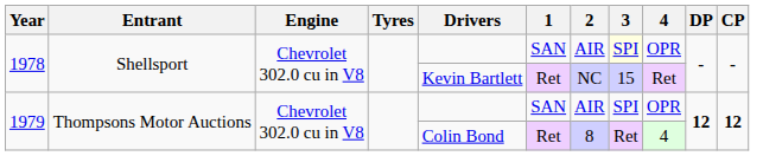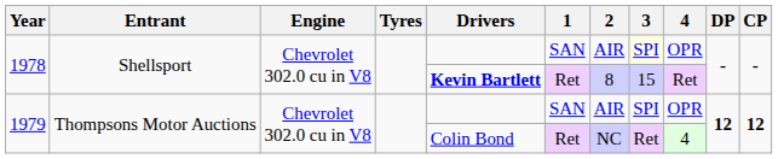 <table class="wikitable" style="text-align:center; font-size:95%">
 <tr>
 <th>Year</th>
 <th>Entrant</th>
 <th>Engine</th>
 <th>Tyres</th>
 <th>Drivers</th>
 <th>1</th>
 <th>2</th>
 <th>3</th>
 <th>4</th>
 <th>DP</th>
 <th>CP</th>
 </tr>
 <tr>
 <td rowspan="2"><a href='#'>1978</a></td>
 <td rowspan="2">Shellsport</td>
 <td rowspan="2"><a href='#'>Chevrolet</a> <br>302.0 cu in <a href='#'>V8</a></td>
 <td rowspan="2"></td>
 <td></td>
 <td><a href='#'>SAN</a></td>
 <td><a href='#'>AIR</a></td>
 <td style="background: lightyellow;"><a href='#'>SPI</a></td>
 <td><a href='#'>OPR</a></td>
 <td rowspan="2"><strong>-</strong></td>
 <td rowspan="2"><strong>-</strong></td>
 </tr>
 <tr>
-<td align="left"> <a href='#'>Kevin Bartlett</a></td>
+<td align="left"><strong> <a href='#'>Kevin Bartlett</a></strong></td>
 <td style="background:#EFCFFF;">Ret</td>
-<td style="background:#CFCFFF;">NC</td>
+<td style="background:#CFCFFF;">8</td>
 <td style="background:#CFCFFF;">15</td>
 <td style="background:#EFCFFF;">Ret</td>
 </tr>
 <tr>
 <td rowspan="2"><a href='#'>1979</a></td>
 <td rowspan="2">Thompsons Motor Auctions</td>
 <td rowspan="2"><a href='#'>Chevrolet</a> <br>302.0 cu in <a href='#'>V8</a></td>
 <td rowspan="2"></td>
 <td></td>
 <td><a href='#'>SAN</a></td>
 <td><a href='#'>AIR</a></td>
 <td><a href='#'>SPI</a></td>
 <td><a href='#'>OPR</a></td>
 <td rowspan="2"><strong>12</strong></td>
 <td rowspan="2"><strong>12</strong></td>
 </tr>
 <tr>
 <td align="left"> <a href='#'>Colin Bond</a></td>
 <td style="background:#EFCFFF;">Ret</td>
-<td style="background:#CFCFFF;">8</td>
+<td style="background:#CFCFFF;">NC</td>
 <td style="background:#EFCFFF;">Ret</td>
 <td style="background:#DFFFDF;">4</td>
 </tr>
 </table>
